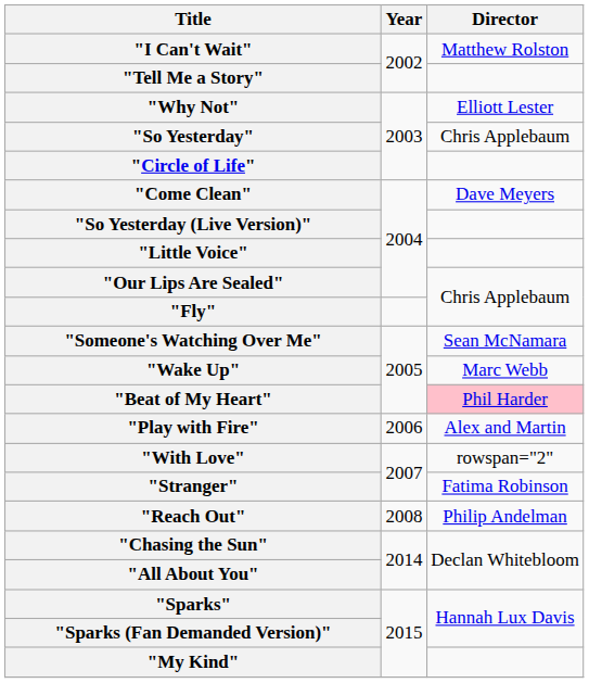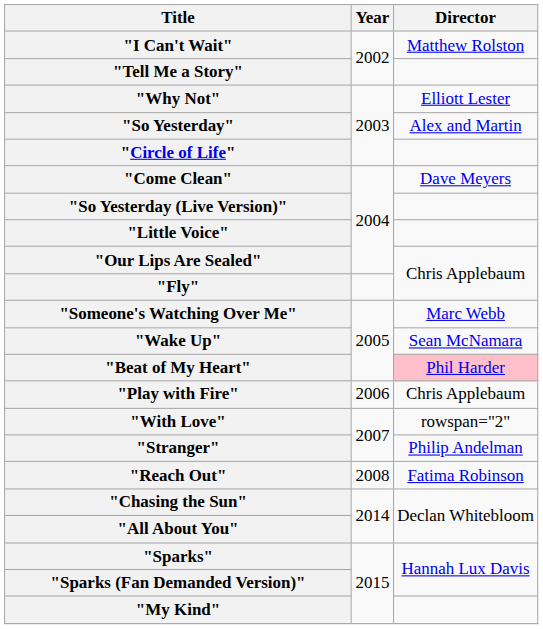 <table class="wikitable plainrowheaders" style="text-align:center;">
 <tr>
 <th style="width:20em;">Title</th>
 <th>Year</th>
 <th>Director</th>
 </tr>
 <tr>
 <th scope="row">"I Can't Wait"</th>
 <td rowspan="2">2002</td>
 <td><a href='#'>Matthew Rolston</a></td>
 </tr>
 <tr>
 <th scope="row">"Tell Me a Story"</th>
 </tr>
 <tr>
 <th scope="row">"Why Not"</th>
 <td rowspan="3">2003</td>
 <td><a href='#'>Elliott Lester</a></td>
 </tr>
 <tr>
 <th scope="row">"So Yesterday"</th>
-<td>Chris Applebaum</td>
+<td><a href='#'>Alex and Martin</a></td>
 </tr>
 <tr>
 <th scope="row">"<a href='#'>Circle of Life</a>"<br></th>
 <td></td>
 </tr>
 <tr>
 <th scope="row">"Come Clean"</th>
 <td rowspan="4">2004</td>
 <td><a href='#'>Dave Meyers</a></td>
 </tr>
 <tr>
 <th scope="row">"So Yesterday (Live Version)"</th>
 <td></td>
 </tr>
 <tr>
 <th scope="row">"Little Voice"</th>
 <td></td>
 </tr>
 <tr>
 <th scope="row">"Our Lips Are Sealed"<br></th>
 <td rowspan="2">Chris Applebaum</td>
 </tr>
 <tr>
 <th scope="row">"Fly"</th>
 </tr>
 <tr>
 <th scope="row">"Someone's Watching Over Me"</th>
 <td rowspan="3">2005</td>
-<td><a href='#'>Sean McNamara</a></td>
+<td><a href='#'>Marc Webb</a></td>
 </tr>
 <tr>
 <th scope="row">"Wake Up"</th>
-<td><a href='#'>Marc Webb</a></td>
+<td><a href='#'>Sean McNamara</a></td>
 </tr>
 <tr>
 <th scope="row">"Beat of My Heart"</th>
 <td style="background: pink;"><a href='#'>Phil Harder</a></td>
 </tr>
 <tr>
 <th scope="row">"Play with Fire"</th>
 <td>2006</td>
-<td><a href='#'>Alex and Martin</a></td>
+<td>Chris Applebaum</td>
 </tr>
 <tr>
 <th scope="row">"With Love"</th>
 <td rowspan="2">2007</td>
 <td>rowspan="2" </td>
 </tr>
 <tr>
 <th scope="row">"Stranger"</th>
-<td><a href='#'>Fatima Robinson</a></td>
+<td><a href='#'>Philip Andelman</a></td>
 </tr>
 <tr>
 <th scope="row">"Reach Out"</th>
 <td>2008</td>
-<td><a href='#'>Philip Andelman</a></td>
+<td><a href='#'>Fatima Robinson</a></td>
 </tr>
 <tr>
 <th scope="row">"Chasing the Sun"</th>
 <td rowspan="2">2014</td>
 <td rowspan = "2">Declan Whitebloom</td>
 </tr>
 <tr>
 <th scope="row">"All About You"</th>
 </tr>
 <tr>
 <th scope="row">"Sparks"</th>
 <td rowspan="3">2015</td>
 <td rowspan="2"><a href='#'>Hannah Lux Davis</a></td>
 </tr>
 <tr>
 <th scope="row">"Sparks (Fan Demanded Version)"</th>
 </tr>
 <tr>
 <th scope="row">"My Kind"</th>
 <td></td>
 </tr>
 <tr>
 </tr>
 </table>
